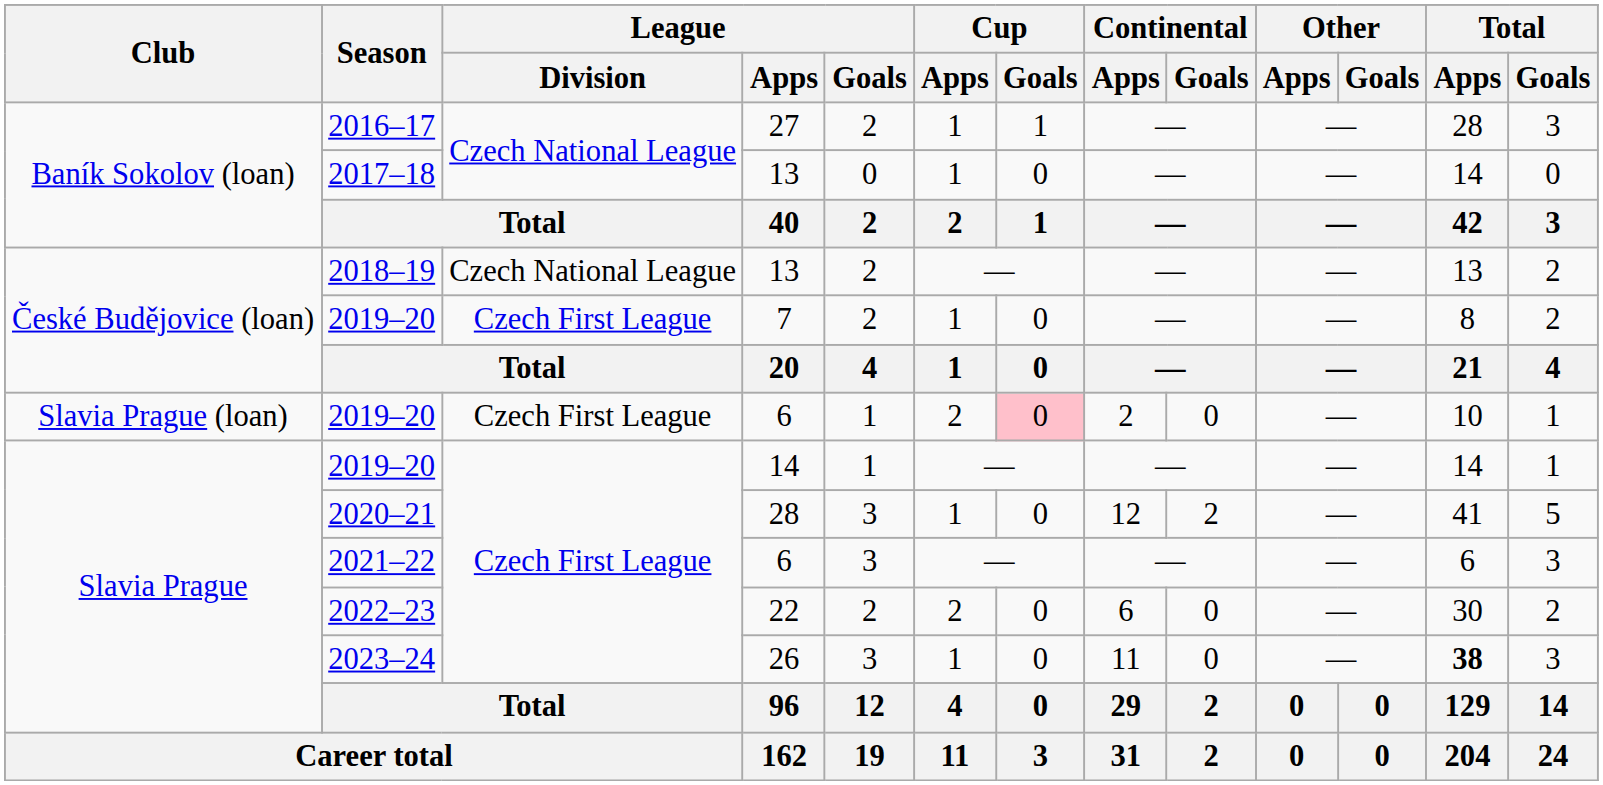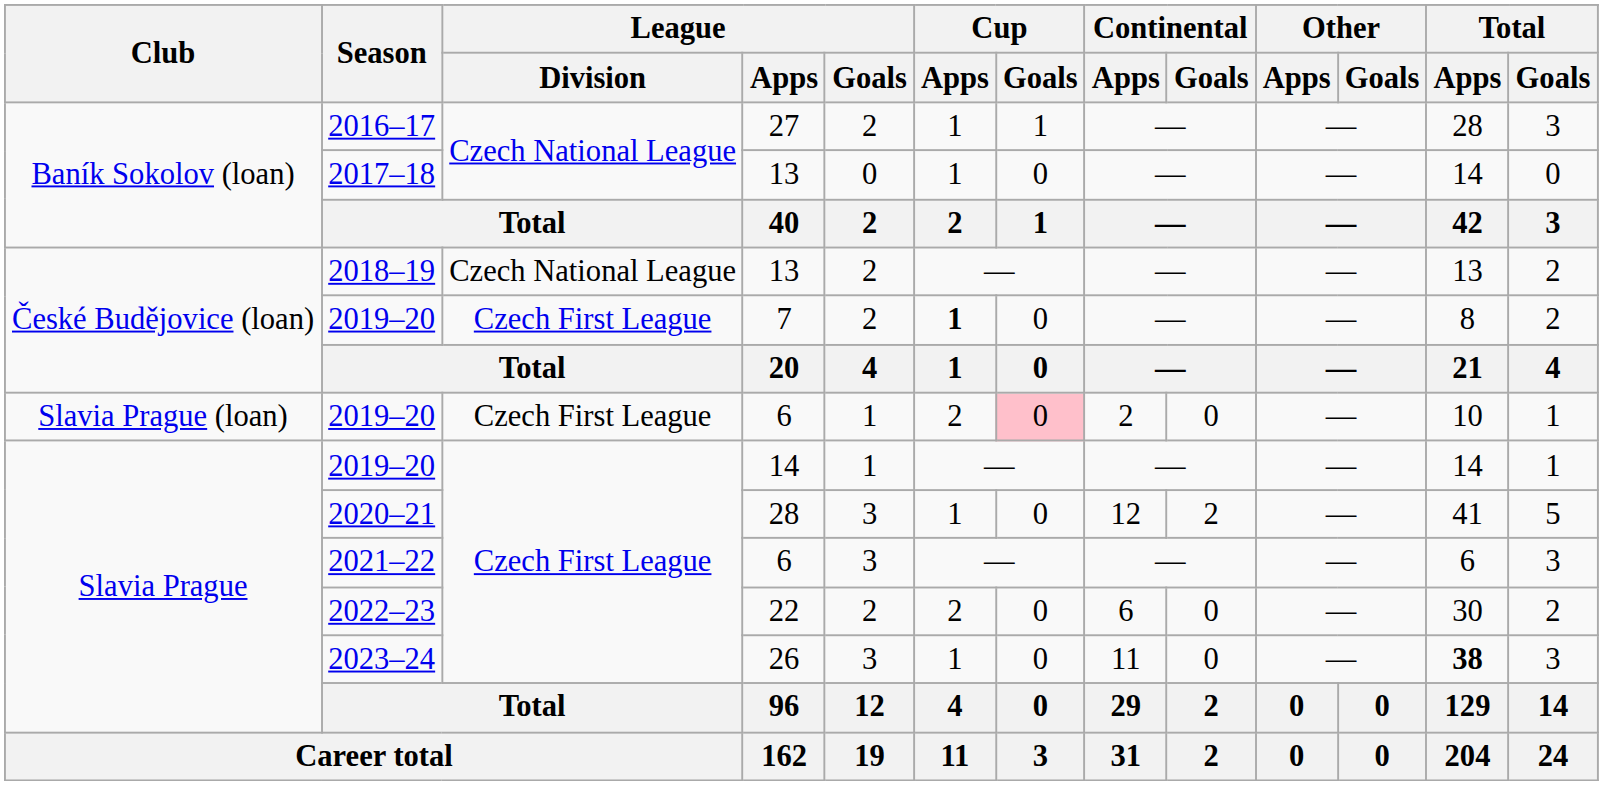 <table class="wikitable" style="text-align:center">
 <tr>
 <th rowspan="2">Club</th>
 <th rowspan="2">Season</th>
 <th colspan="3">League</th>
 <th colspan="2">Cup</th>
 <th colspan="2">Continental</th>
 <th colspan="2">Other</th>
 <th colspan="2">Total</th>
 </tr>
 <tr>
 <th>Division</th>
 <th>Apps</th>
 <th>Goals</th>
 <th>Apps</th>
 <th>Goals</th>
 <th>Apps</th>
 <th>Goals</th>
 <th>Apps</th>
 <th>Goals</th>
 <th>Apps</th>
 <th>Goals</th>
 </tr>
 <tr>
 <td rowspan="3"><a href='#'>Baník Sokolov</a> (loan)</td>
 <td><a href='#'>2016–17</a></td>
 <td rowspan="2"><a href='#'>Czech National League</a></td>
 <td>27</td>
 <td>2</td>
 <td>1</td>
 <td>1</td>
 <td colspan="2">—</td>
 <td colspan="2">—</td>
 <td>28</td>
 <td>3</td>
 </tr>
 <tr>
 <td><a href='#'>2017–18</a></td>
 <td>13</td>
 <td>0</td>
 <td>1</td>
 <td>0</td>
 <td colspan="2">—</td>
 <td colspan="2">—</td>
 <td>14</td>
 <td>0</td>
 </tr>
 <tr>
 <th colspan="2">Total</th>
 <th>40</th>
 <th>2</th>
 <th>2</th>
 <th>1</th>
 <th colspan="2">—</th>
 <th colspan="2">—</th>
 <th>42</th>
 <th>3</th>
 </tr>
 <tr>
 <td rowspan="3"><a href='#'>České Budějovice</a> (loan)</td>
 <td><a href='#'>2018–19</a></td>
 <td>Czech National League</td>
 <td>13</td>
 <td>2</td>
 <td colspan="2">—</td>
 <td colspan="2">—</td>
 <td colspan="2">—</td>
 <td>13</td>
 <td>2</td>
 </tr>
 <tr>
 <td><a href='#'>2019–20</a></td>
 <td><a href='#'>Czech First League</a></td>
 <td>7</td>
 <td>2</td>
-<td>1</td>
+<td><strong>1</strong></td>
 <td>0</td>
 <td colspan="2">—</td>
 <td colspan="2">—</td>
 <td>8</td>
 <td>2</td>
 </tr>
 <tr>
 <th colspan="2">Total</th>
 <th>20</th>
 <th>4</th>
 <th>1</th>
 <th>0</th>
 <th colspan="2">—</th>
 <th colspan="2">—</th>
 <th>21</th>
 <th>4</th>
 </tr>
 <tr>
 <td><a href='#'>Slavia Prague</a> (loan)</td>
 <td><a href='#'>2019–20</a></td>
 <td>Czech First League</td>
 <td>6</td>
 <td>1</td>
 <td>2</td>
 <td style="background: pink;">0</td>
 <td>2</td>
 <td>0</td>
 <td colspan="2">—</td>
 <td>10</td>
 <td>1</td>
 </tr>
 <tr>
 <td rowspan="6"><a href='#'>Slavia Prague</a></td>
 <td><a href='#'>2019–20</a></td>
 <td rowspan="5"><a href='#'>Czech First League</a></td>
 <td>14</td>
 <td>1</td>
 <td colspan="2">—</td>
 <td colspan="2">—</td>
 <td colspan="2">—</td>
 <td>14</td>
 <td>1</td>
 </tr>
 <tr>
 <td><a href='#'>2020–21</a></td>
 <td>28</td>
 <td>3</td>
 <td>1</td>
 <td>0</td>
 <td>12</td>
 <td>2</td>
 <td colspan="2">—</td>
 <td>41</td>
 <td>5</td>
 </tr>
 <tr>
 <td><a href='#'>2021–22</a></td>
 <td>6</td>
 <td>3</td>
 <td colspan="2">—</td>
 <td colspan="2">—</td>
 <td colspan="2">—</td>
 <td>6</td>
 <td>3</td>
 </tr>
 <tr>
 <td><a href='#'>2022–23</a></td>
 <td>22</td>
 <td>2</td>
 <td>2</td>
 <td>0</td>
 <td>6</td>
 <td>0</td>
 <td colspan="2">—</td>
 <td>30</td>
 <td>2</td>
 </tr>
 <tr>
 <td><a href='#'>2023–24</a></td>
 <td>26</td>
 <td>3</td>
 <td>1</td>
 <td>0</td>
 <td>11</td>
 <td>0</td>
 <td colspan="2">—</td>
 <td><strong>38</strong></td>
 <td>3</td>
 </tr>
 <tr>
 <th colspan="2">Total</th>
 <th>96</th>
 <th>12</th>
 <th>4</th>
 <th>0</th>
 <th>29</th>
 <th>2</th>
 <th>0</th>
 <th>0</th>
 <th>129</th>
 <th>14</th>
 </tr>
 <tr>
 <th colspan="3">Career total</th>
 <th>162</th>
 <th>19</th>
 <th>11</th>
 <th>3</th>
 <th>31</th>
 <th>2</th>
 <th>0</th>
 <th>0</th>
 <th>204</th>
 <th>24</th>
 </tr>
 </table>
